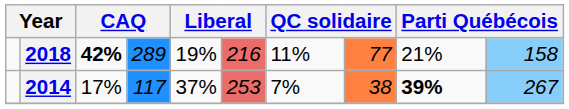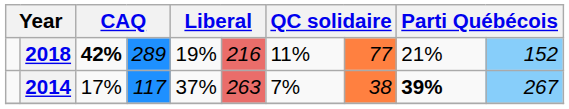 <table class="wikitable" style="float:right; width:400; font-size:90%; margin-left:1em;">
 <tr>
 <th colspan="2" scope="col">Year</th>
 <th colspan="2" scope="col"><a href='#'>CAQ</a></th>
 <th colspan="2" scope="col"><a href='#'>Liberal</a></th>
 <th colspan="2" scope="col"><a href='#'>QC solidaire</a></th>
 <th colspan="2" scope="col"><a href='#'>Parti Québécois</a></th>
 </tr>
 <tr>
 <td style="width: 0.25em; background-color: "></td>
 <th><a href='#'>2018</a></th>
 <td><strong>42%</strong></td>
 <td style="text-align:right; background:#1E90FF;"><em>289</em></td>
 <td>19%</td>
 <td style="text-align:right; background:#EA6D6A;"><em>216</em></td>
 <td>11%</td>
 <td style="text-align:right; background:#FF8040;"><em>77</em></td>
 <td>21%</td>
-<td style="text-align:right; background:#87CEFA;"><em>158</em></td>
+<td style="text-align:right; background:#87CEFA;"><em>152</em></td>
 </tr>
 <tr>
 <td style="width: 0.25em; background-color: "></td>
 <th><a href='#'>2014</a></th>
 <td>17%</td>
 <td style="text-align:right; background:#1E90FF;"><em>117</em></td>
 <td>37%</td>
-<td style="text-align:right; background:#EA6D6A;"><em>253</em></td>
+<td style="text-align:right; background:#EA6D6A;"><em>263</em></td>
 <td>7%</td>
 <td style="text-align:right; background:#FF8040;"><em>38</em></td>
 <td><strong>39%</strong></td>
 <td style="text-align:right; background:#87CEFA;"><em>267</em></td>
 </tr>
 <tr>
 </tr>
 </table>
